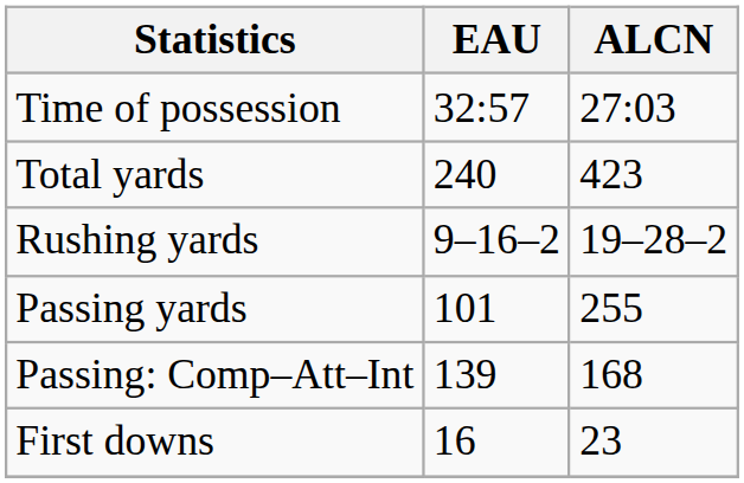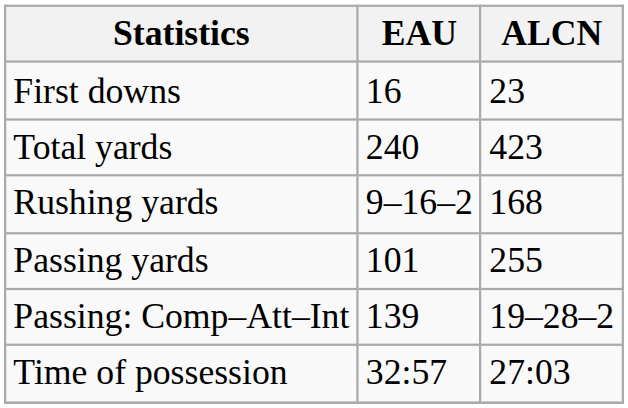 <table class="wikitable" style="float: left;">
 <tr>
 <th>Statistics</th>
 <th>EAU</th>
 <th>ALCN</th>
 </tr>
 <tr>
-<td>Time of possession</td>
-<td>32:57</td>
-<td>27:03</td>
+<td>First downs</td>
+<td>16</td>
+<td>23</td>
 </tr>
 <tr>
 <td>Total yards</td>
 <td>240</td>
 <td>423</td>
 </tr>
 <tr>
 <td>Rushing yards</td>
 <td>9–16–2</td>
-<td>19–28–2</td>
+<td>168</td>
 </tr>
 <tr>
 <td>Passing yards</td>
 <td>101</td>
 <td>255</td>
 </tr>
 <tr>
 <td>Passing: Comp–Att–Int</td>
 <td>139</td>
-<td>168</td>
+<td>19–28–2</td>
 </tr>
 <tr>
-<td>First downs</td>
-<td>16</td>
-<td>23</td>
+<td>Time of possession</td>
+<td>32:57</td>
+<td>27:03</td>
 </tr>
 <tr>
 </tr>
 </table>
